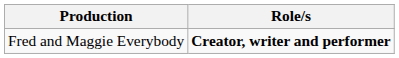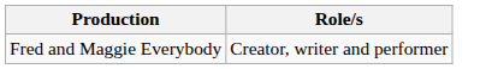 <table class="wikitable">
 <tr>
 <th>Production</th>
 <th>Role/s</th>
 </tr>
 <tr>
 <td>Fred and Maggie Everybody</td>
-<td><strong>Creator, writer and performer</strong></td>
+<td>Creator, writer and performer</td>
 </tr>
 </table>
